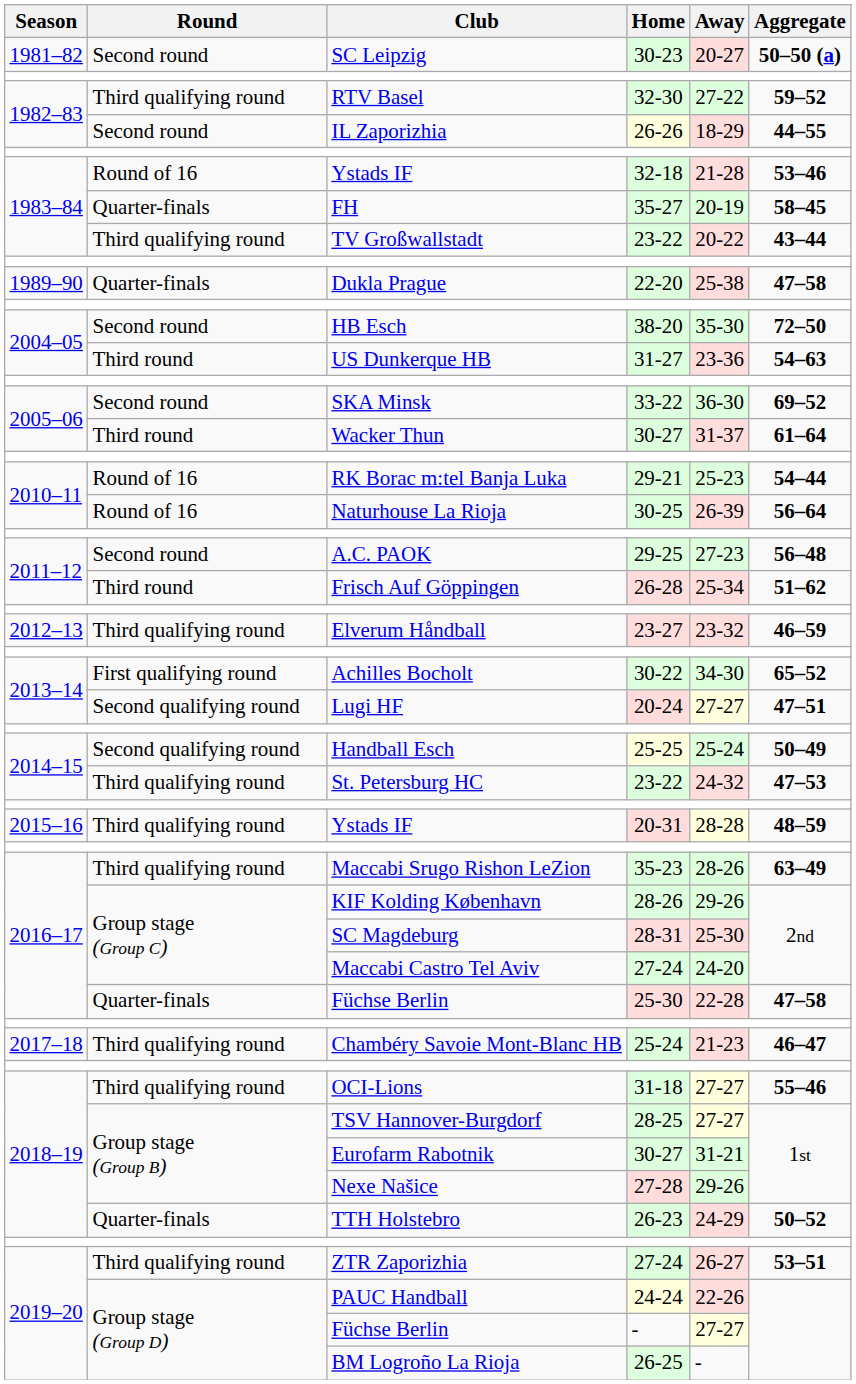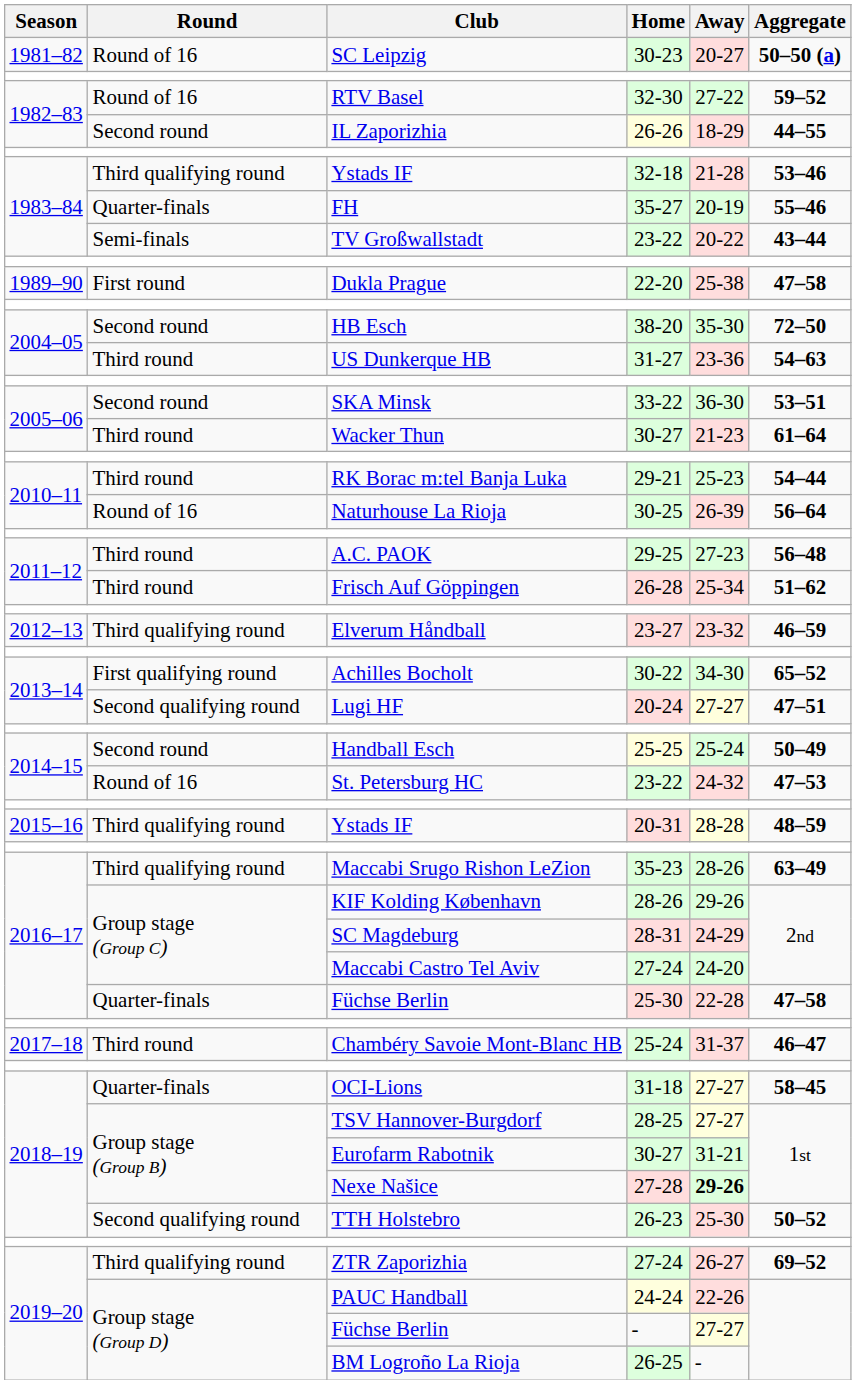 <table class="wikitable">
 <tr>
 <th>Season</th>
 <th width=175>Round</th>
 <th>Club</th>
 <th>Home</th>
 <th>Away</th>
 <th>Aggregate</th>
 </tr>
 <tr>
 <td rowspan=1><a href='#'>1981–82</a></td>
-<td>Second round</td>
+<td>Round of 16</td>
 <td> <a href='#'>SC Leipzig</a></td>
 <td style="text-align:center; background:#dfd;">30-23</td>
 <td style="text-align:center; background:#fdd;">20-27</td>
 <td style="text-align:center;"><strong>50–50 (<a href='#'>a</a>)</strong></td>
 </tr>
 <tr>
 <td colspan=7 style="text-align: center;" bgcolor=white></td>
 </tr>
 <tr>
 <td rowspan=2><a href='#'>1982–83</a></td>
-<td>Third qualifying round</td>
+<td>Round of 16</td>
 <td> <a href='#'>RTV Basel</a></td>
 <td style="text-align:center; background:#dfd;">32-30</td>
 <td style="text-align:center; background:#dfd;">27-22</td>
 <td style="text-align:center;"><strong>59–52</strong></td>
 </tr>
 <tr>
 <td>Second round</td>
 <td> <a href='#'>IL Zaporizhia</a></td>
 <td style="text-align:center; background:#ffd;">26-26</td>
 <td style="text-align:center; background:#fdd;">18-29</td>
 <td style="text-align:center;"><strong>44–55</strong></td>
 </tr>
 <tr>
 <td colspan=7 style="text-align: center;" bgcolor=white></td>
 </tr>
 <tr>
 <td rowspan=3><a href='#'>1983–84</a></td>
-<td>Round of 16</td>
+<td>Third qualifying round</td>
 <td> <a href='#'>Ystads IF</a></td>
 <td style="text-align:center; background:#dfd;">32-18</td>
 <td style="text-align:center; background:#fdd;">21-28</td>
 <td style="text-align:center;"><strong>53–46</strong></td>
 </tr>
 <tr>
 <td>Quarter-finals</td>
 <td> <a href='#'>FH</a></td>
 <td style="text-align:center; background:#dfd;">35-27</td>
 <td style="text-align:center; background:#dfd;">20-19</td>
-<td style="text-align:center;"><strong>58–45</strong></td>
+<td style="text-align:center;"><strong>55–46</strong></td>
 </tr>
 <tr>
-<td>Third qualifying round</td>
+<td>Semi-finals</td>
 <td> <a href='#'>TV Großwallstadt</a></td>
 <td style="text-align:center; background:#dfd;">23-22</td>
 <td style="text-align:center; background:#fdd;">20-22</td>
 <td style="text-align:center;"><strong>43–44</strong></td>
 </tr>
 <tr>
 <td colspan=7 style="text-align: center;" bgcolor=white></td>
 </tr>
 <tr>
 <td rowspan=1><a href='#'>1989–90</a></td>
-<td>Quarter-finals</td>
+<td>First round</td>
 <td> <a href='#'>Dukla Prague</a></td>
 <td style="text-align:center; background:#dfd;">22-20</td>
 <td style="text-align:center; background:#fdd;">25-38</td>
 <td style="text-align:center;"><strong>47–58</strong></td>
 </tr>
 <tr>
 <td colspan=7 style="text-align: center;" bgcolor=white></td>
 </tr>
 <tr>
 <td rowspan=2><a href='#'>2004–05</a></td>
 <td>Second round</td>
 <td> <a href='#'>HB Esch</a></td>
 <td style="text-align:center; background:#dfd;">38-20</td>
 <td style="text-align:center; background:#dfd;">35-30</td>
 <td style="text-align:center;"><strong>72–50</strong></td>
 </tr>
 <tr>
 <td>Third round</td>
 <td> <a href='#'>US Dunkerque HB</a></td>
 <td style="text-align:center; background:#dfd;">31-27</td>
 <td style="text-align:center; background:#fdd;">23-36</td>
 <td style="text-align:center;"><strong>54–63</strong></td>
 </tr>
 <tr>
 <td colspan=7 style="text-align: center;" bgcolor=white></td>
 </tr>
 <tr>
 <td rowspan=2><a href='#'>2005–06</a></td>
 <td>Second round</td>
 <td> <a href='#'>SKA Minsk</a></td>
 <td style="text-align:center; background:#dfd;">33-22</td>
 <td style="text-align:center; background:#dfd;">36-30</td>
-<td style="text-align:center;"><strong>69–52</strong></td>
+<td style="text-align:center;"><strong>53–51</strong></td>
 </tr>
 <tr>
 <td>Third round</td>
 <td> <a href='#'>Wacker Thun</a></td>
 <td style="text-align:center; background:#dfd;">30-27</td>
-<td style="text-align:center; background:#fdd;">31-37</td>
+<td style="text-align:center; background:#fdd;">21-23</td>
 <td style="text-align:center;"><strong>61–64</strong></td>
 </tr>
 <tr>
 <td colspan=7 style="text-align: center;" bgcolor=white></td>
 </tr>
 <tr>
 <td rowspan=2><a href='#'>2010–11</a></td>
-<td>Round of 16</td>
+<td>Third round</td>
 <td> <a href='#'>RK Borac m:tel Banja Luka</a></td>
 <td style="text-align:center; background:#dfd;">29-21</td>
 <td style="text-align:center; background:#dfd;">25-23</td>
 <td style="text-align:center;"><strong>54–44</strong></td>
 </tr>
 <tr>
 <td>Round of 16</td>
 <td> <a href='#'>Naturhouse La Rioja</a></td>
 <td style="text-align:center; background:#dfd;">30-25</td>
 <td style="text-align:center; background:#fdd;">26-39</td>
 <td style="text-align:center;"><strong>56–64</strong></td>
 </tr>
 <tr>
 <td colspan=7 style="text-align: center;" bgcolor=white></td>
 </tr>
 <tr>
 <td rowspan=2><a href='#'>2011–12</a></td>
-<td>Second round</td>
+<td>Third round</td>
 <td> <a href='#'>A.C. PAOK</a></td>
 <td style="text-align:center; background:#dfd;">29-25</td>
 <td style="text-align:center; background:#dfd;">27-23</td>
 <td style="text-align:center;"><strong>56–48</strong></td>
 </tr>
 <tr>
 <td>Third round</td>
 <td> <a href='#'>Frisch Auf Göppingen</a></td>
 <td style="text-align:center; background:#fdd;">26-28</td>
 <td style="text-align:center; background:#fdd;">25-34</td>
 <td style="text-align:center;"><strong>51–62</strong></td>
 </tr>
 <tr>
 <td colspan=7 style="text-align: center;" bgcolor=white></td>
 </tr>
 <tr>
 <td rowspan=1><a href='#'>2012–13</a></td>
 <td>Third qualifying round</td>
 <td> <a href='#'>Elverum Håndball</a></td>
 <td style="text-align:center; background:#fdd;">23-27</td>
 <td style="text-align:center; background:#fdd;">23-32</td>
 <td style="text-align:center;"><strong>46–59</strong></td>
 </tr>
 <tr>
 <td colspan=7 style="text-align: center;" bgcolor=white></td>
 </tr>
 <tr>
 <td rowspan=2><a href='#'>2013–14</a></td>
 <td>First qualifying round</td>
 <td> <a href='#'>Achilles Bocholt</a></td>
 <td style="text-align:center; background:#dfd;">30-22</td>
 <td style="text-align:center; background:#dfd;">34-30</td>
 <td style="text-align:center;"><strong>65–52</strong></td>
 </tr>
 <tr>
 <td>Second qualifying round</td>
 <td> <a href='#'>Lugi HF</a></td>
 <td style="text-align:center; background:#fdd;">20-24</td>
 <td style="text-align:center; background:#ffd;">27-27</td>
 <td style="text-align:center;"><strong>47–51</strong></td>
 </tr>
 <tr>
 <td colspan=7 style="text-align: center;" bgcolor=white></td>
 </tr>
 <tr>
 <td rowspan=2><a href='#'>2014–15</a></td>
-<td>Second qualifying round</td>
+<td>Second round</td>
 <td> <a href='#'>Handball Esch</a></td>
 <td style="text-align:center; background:#ffd;">25-25</td>
 <td style="text-align:center; background:#dfd;">25-24</td>
 <td style="text-align:center;"><strong>50–49</strong></td>
 </tr>
 <tr>
-<td>Third qualifying round</td>
+<td>Round of 16</td>
 <td> <a href='#'>St. Petersburg HC</a></td>
 <td style="text-align:center; background:#dfd;">23-22</td>
 <td style="text-align:center; background:#fdd;">24-32</td>
 <td style="text-align:center;"><strong>47–53</strong></td>
 </tr>
 <tr>
 <td colspan=7 style="text-align: center;" bgcolor=white></td>
 </tr>
 <tr>
 <td rowspan=1><a href='#'>2015–16</a></td>
 <td>Third qualifying round</td>
 <td> <a href='#'>Ystads IF</a></td>
 <td style="text-align:center; background:#fdd;">20-31</td>
 <td style="text-align:center; background:#ffd;">28-28</td>
 <td style="text-align:center;"><strong>48–59</strong></td>
 </tr>
 <tr>
 <td colspan=7 style="text-align: center;" bgcolor=white></td>
 </tr>
 <tr>
 <td rowspan=5><a href='#'>2016–17</a></td>
 <td>Third qualifying round</td>
 <td> <a href='#'>Maccabi Srugo Rishon LeZion</a></td>
 <td style="text-align:center; background:#dfd;">35-23</td>
 <td style="text-align:center; background:#dfd;">28-26</td>
 <td style="text-align:center;"><strong>63–49</strong></td>
 </tr>
 <tr>
 <td rowspan=3>Group stage<br><em>(<small>Group C</small>)</em></td>
 <td> <a href='#'>KIF Kolding København</a></td>
 <td style="text-align:center; background:#dfd;">28-26</td>
 <td style="text-align:center; background:#dfd;">29-26</td>
 <td align=center rowspan=3>2<small>nd</small></td>
 </tr>
 <tr>
 <td> <a href='#'>SC Magdeburg</a></td>
 <td style="text-align:center; background:#fdd;">28-31</td>
-<td style="text-align:center; background:#fdd;">25-30</td>
+<td style="text-align:center; background:#fdd;">24-29</td>
 </tr>
 <tr>
 <td> <a href='#'>Maccabi Castro Tel Aviv</a></td>
 <td style="text-align:center; background:#dfd;">27-24</td>
 <td style="text-align:center; background:#dfd;">24-20</td>
 </tr>
 <tr>
 <td>Quarter-finals</td>
 <td> <a href='#'>Füchse Berlin</a></td>
 <td style="text-align:center; background:#fdd;">25-30</td>
 <td style="text-align:center; background:#fdd;">22-28</td>
 <td style="text-align:center;"><strong>47–58</strong></td>
 </tr>
 <tr>
 <td colspan=7 style="text-align: center;" bgcolor=white></td>
 </tr>
 <tr>
 <td rowspan=1><a href='#'>2017–18</a></td>
-<td>Third qualifying round</td>
+<td>Third round</td>
 <td> <a href='#'>Chambéry Savoie Mont-Blanc HB</a></td>
 <td style="text-align:center; background:#dfd;">25-24</td>
-<td style="text-align:center; background:#fdd;">21-23</td>
+<td style="text-align:center; background:#fdd;">31-37</td>
 <td style="text-align:center;"><strong>46–47</strong></td>
 </tr>
 <tr>
 <td colspan=7 style="text-align: center;" bgcolor=white></td>
 </tr>
 <tr>
 <td rowspan=5><a href='#'>2018–19</a></td>
-<td>Third qualifying round</td>
+<td>Quarter-finals</td>
 <td> <a href='#'>OCI-Lions</a></td>
 <td style="text-align:center; background:#dfd;">31-18</td>
 <td style="text-align:center; background:#ffd;">27-27</td>
-<td style="text-align:center;"><strong>55–46</strong></td>
+<td style="text-align:center;"><strong>58–45</strong></td>
 </tr>
 <tr>
 <td rowspan=3>Group stage<br><em>(<small>Group B</small>)</em></td>
 <td> <a href='#'>TSV Hannover-Burgdorf</a></td>
 <td style="text-align:center; background:#dfd;">28-25</td>
 <td style="text-align:center; background:#ffd;">27-27</td>
 <td align=center rowspan=3>1<small>st</small></td>
 </tr>
 <tr>
 <td> <a href='#'>Eurofarm Rabotnik</a></td>
 <td style="text-align:center; background:#dfd;">30-27</td>
 <td style="text-align:center; background:#dfd;">31-21</td>
 </tr>
 <tr>
 <td> <a href='#'>Nexe Našice</a></td>
 <td style="text-align:center; background:#fdd;">27-28</td>
-<td style="text-align:center; background:#dfd;">29-26</td>
+<td style="text-align:center; background:#dfd;"><strong>29-26</strong></td>
 </tr>
 <tr>
-<td>Quarter-finals</td>
+<td>Second qualifying round</td>
 <td> <a href='#'>TTH Holstebro</a></td>
 <td style="text-align:center; background:#dfd;">26-23</td>
-<td style="text-align:center; background:#fdd;">24-29</td>
+<td style="text-align:center; background:#fdd;">25-30</td>
 <td style="text-align:center;"><strong>50–52</strong></td>
 </tr>
 <tr>
 <td colspan=7 style="text-align: center;" bgcolor=white></td>
 </tr>
 <tr>
 <td rowspan=4><a href='#'>2019–20</a></td>
 <td>Third qualifying round</td>
 <td> <a href='#'>ZTR Zaporizhia</a></td>
 <td style="text-align:center; background:#dfd;">27-24</td>
 <td style="text-align:center; background:#fdd;">26-27</td>
-<td style="text-align:center;"><strong>53–51</strong></td>
+<td style="text-align:center;"><strong>69–52</strong></td>
 </tr>
 <tr>
 <td rowspan=3>Group stage<br><em>(<small>Group D</small>)</em></td>
 <td> <a href='#'>PAUC Handball</a></td>
 <td style="text-align:center; background:#ffd;">24-24</td>
 <td style="text-align:center; background:#fdd;">22-26</td>
 <td align=center rowspan=3></td>
 </tr>
 <tr>
 <td> <a href='#'>Füchse Berlin</a></td>
 <td>-</td>
 <td style="text-align:center; background:#ffd;">27-27</td>
 </tr>
 <tr>
 <td> <a href='#'>BM Logroño La Rioja</a></td>
 <td style="text-align:center; background:#dfd;">26-25</td>
 <td>-</td>
 </tr>
 </table>
